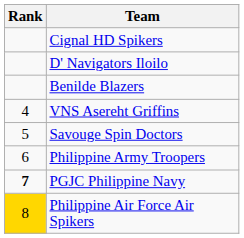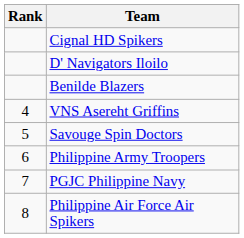 <table class="wikitable" style="text-align: center">
 <tr>
 <th width=>Rank</th>
 <th width=200>Team</th>
 </tr>
 <tr>
 <td></td>
 <td align="left"><a href='#'>Cignal HD Spikers</a></td>
 </tr>
 <tr>
 <td></td>
 <td align="left"><a href='#'>D' Navigators Iloilo</a></td>
 </tr>
 <tr>
 <td></td>
 <td align="left"><a href='#'>Benilde Blazers</a></td>
 </tr>
 <tr>
 <td>4</td>
 <td align="left"><a href='#'>VNS Asereht Griffins</a></td>
 </tr>
 <tr>
 <td>5</td>
 <td align="left"><a href='#'>Savouge Spin Doctors</a></td>
 </tr>
 <tr>
 <td>6</td>
 <td align="left"><a href='#'>Philippine Army Troopers</a></td>
 </tr>
 <tr>
-<td><strong>7</strong></td>
+<td>7</td>
 <td align="left"><a href='#'>PGJC Philippine Navy</a></td>
 </tr>
 <tr>
-<td style="background: gold;">8</td>
+<td>8</td>
 <td align="left"><a href='#'>Philippine Air Force Air Spikers</a></td>
 </tr>
 </table>
